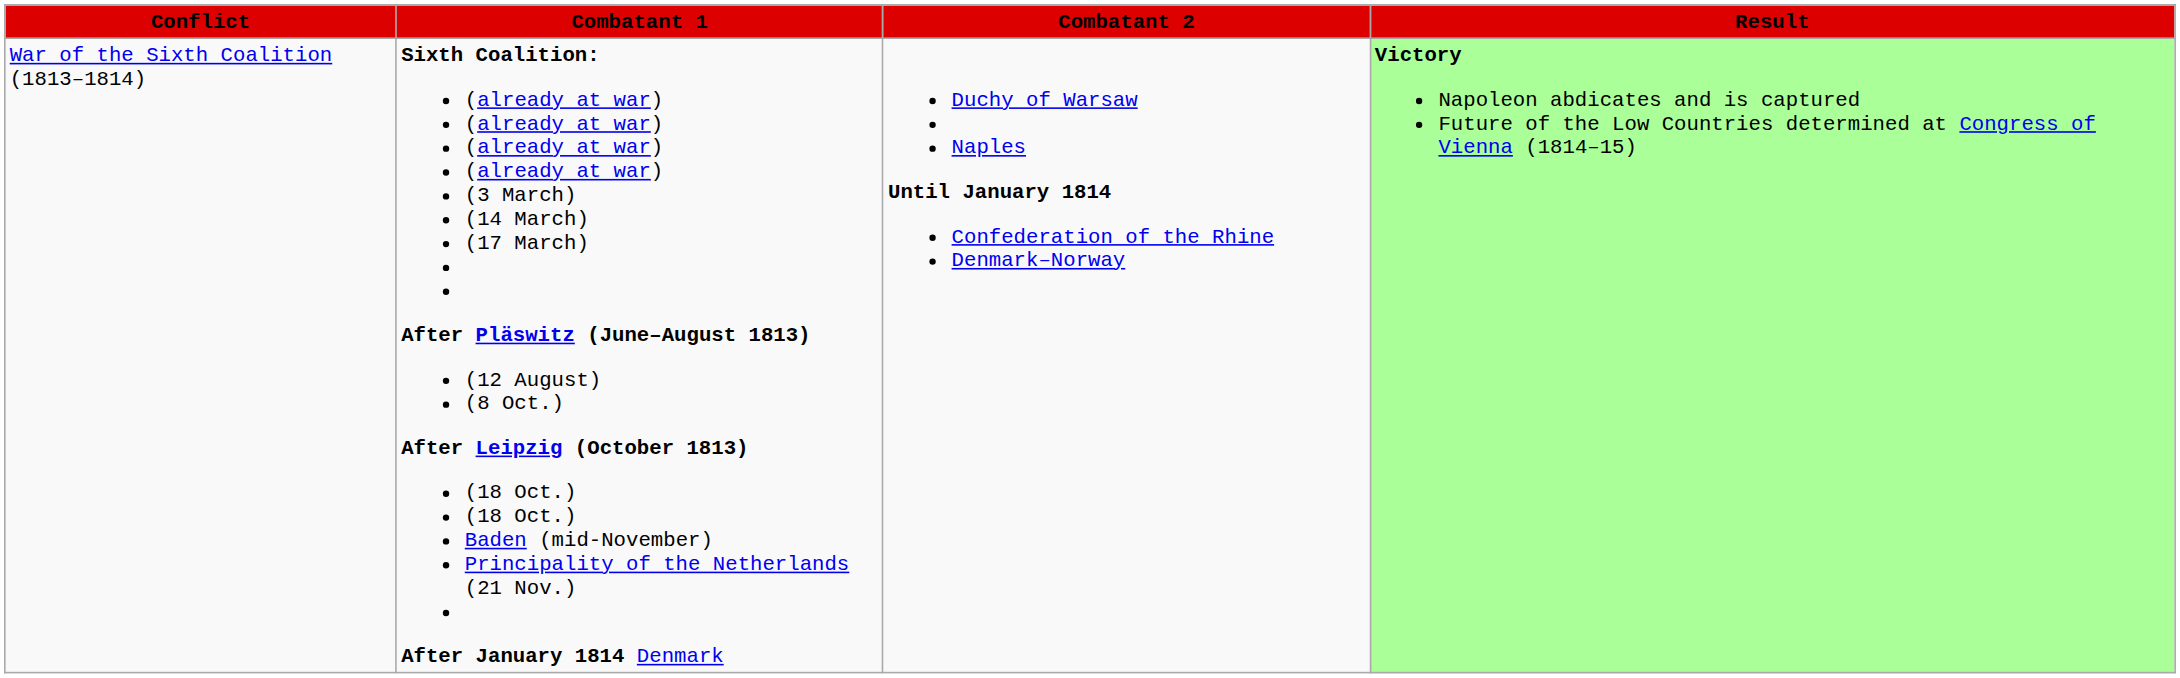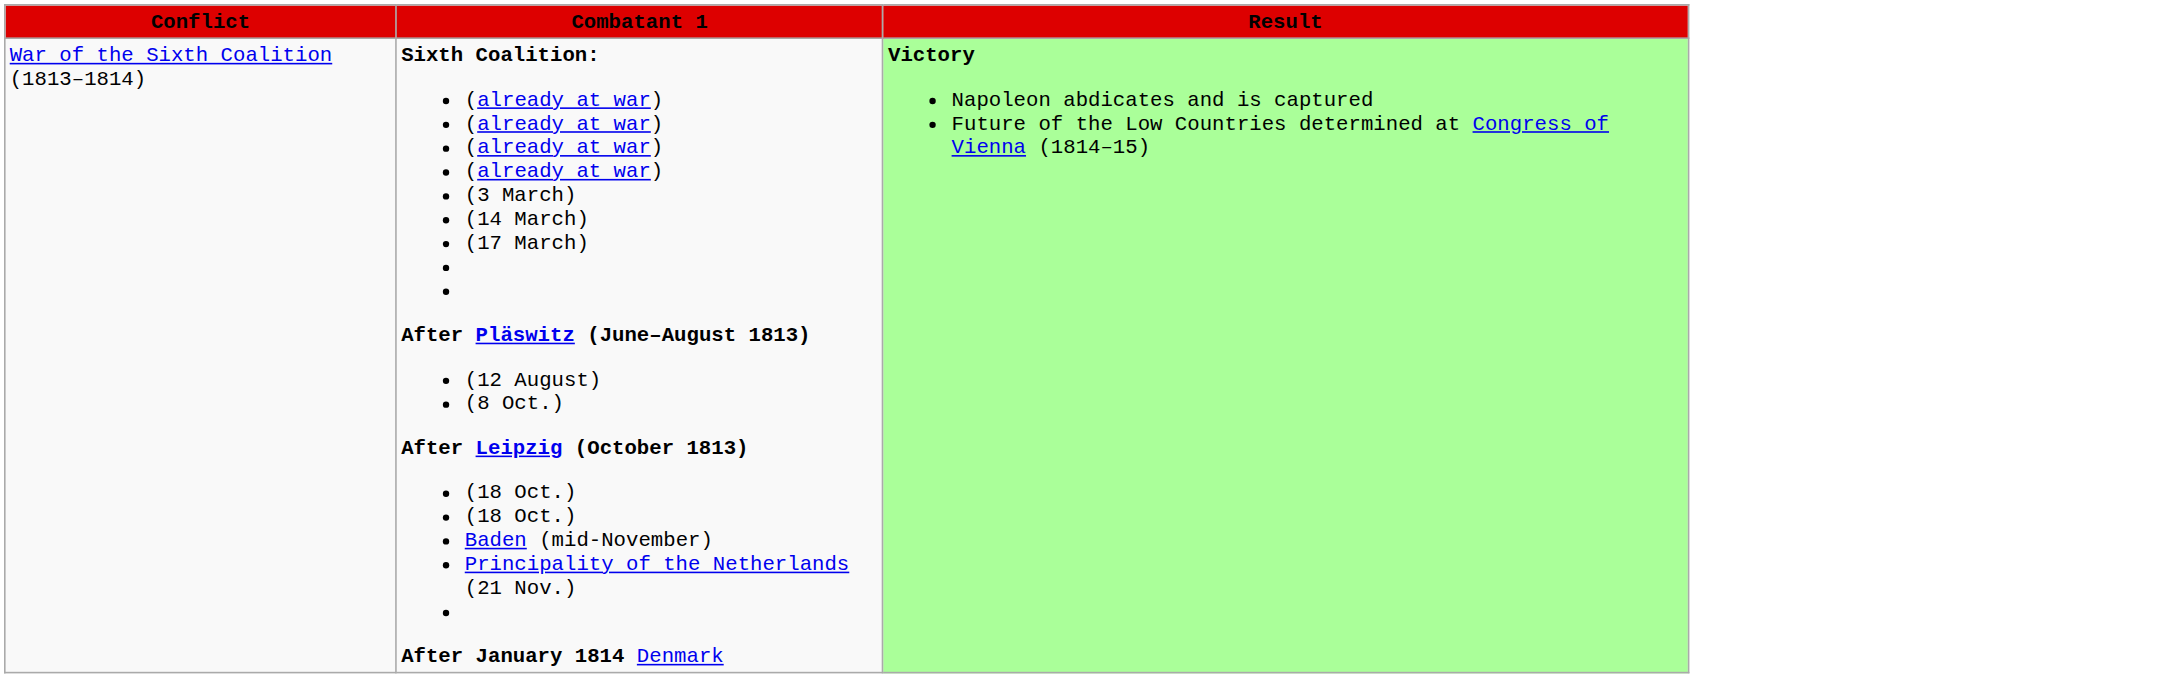 <table class="wikitable">
 <tr>
 <th style="background:#DD0000" width="240px"><span>Conflict</span></th>
 <th style="background:#DD0000" width="300px"><span>Combatant 1</span></th>
-<th style="background:#DD0000" width="300px"><span>Combatant 2</span></th>
 <th style="background:#DD0000" width="500px"><span>Result</span></th>
 </tr>
 <tr valign="top">
 <td><a href='#'>War of the Sixth Coalition</a><br>(1813–1814)</td>
 <td><strong>Sixth Coalition:</strong> <br><ul><li> (<a href='#'>already at war</a>)</li><li> (<a href='#'>already at war</a>)</li><li> (<a href='#'>already at war</a>)</li><li> (<a href='#'>already at war</a>)</li><li> (3 March)</li><li> (14 March)</li><li> (17 March)</li><li></li><li></li></ul> <strong>After <a href='#'>Pläswitz</a> (June–August 1813)</strong> <ul><li> (12 August)</li><li> (8 Oct.)</li></ul> <strong>After <a href='#'>Leipzig</a> (October 1813)</strong> <ul><li> (18 Oct.)</li><li> (18 Oct.)</li><li> <a href='#'>Baden</a> (mid-November)</li><li> <a href='#'>Principality of the Netherlands</a> (21 Nov.)</li><li></li></ul> <strong>After January 1814</strong>   <a href='#'>Denmark</a> </td>
-<td><br><ul><li> <a href='#'>Duchy of Warsaw</a></li><li></li><li> <a href='#'>Naples</a></li></ul><strong>Until January 1814</strong> <ul><li><a href='#'>Confederation of the Rhine</a></li><li> <a href='#'>Denmark–Norway</a></li></ul></td>
 <td style="background:#AF9"><strong>Victory</strong><br><ul><li>Napoleon abdicates and is captured</li><li>Future of the Low Countries determined at <a href='#'>Congress of Vienna</a> (1814–15)</li></ul></td>
 </tr>
 </table>
